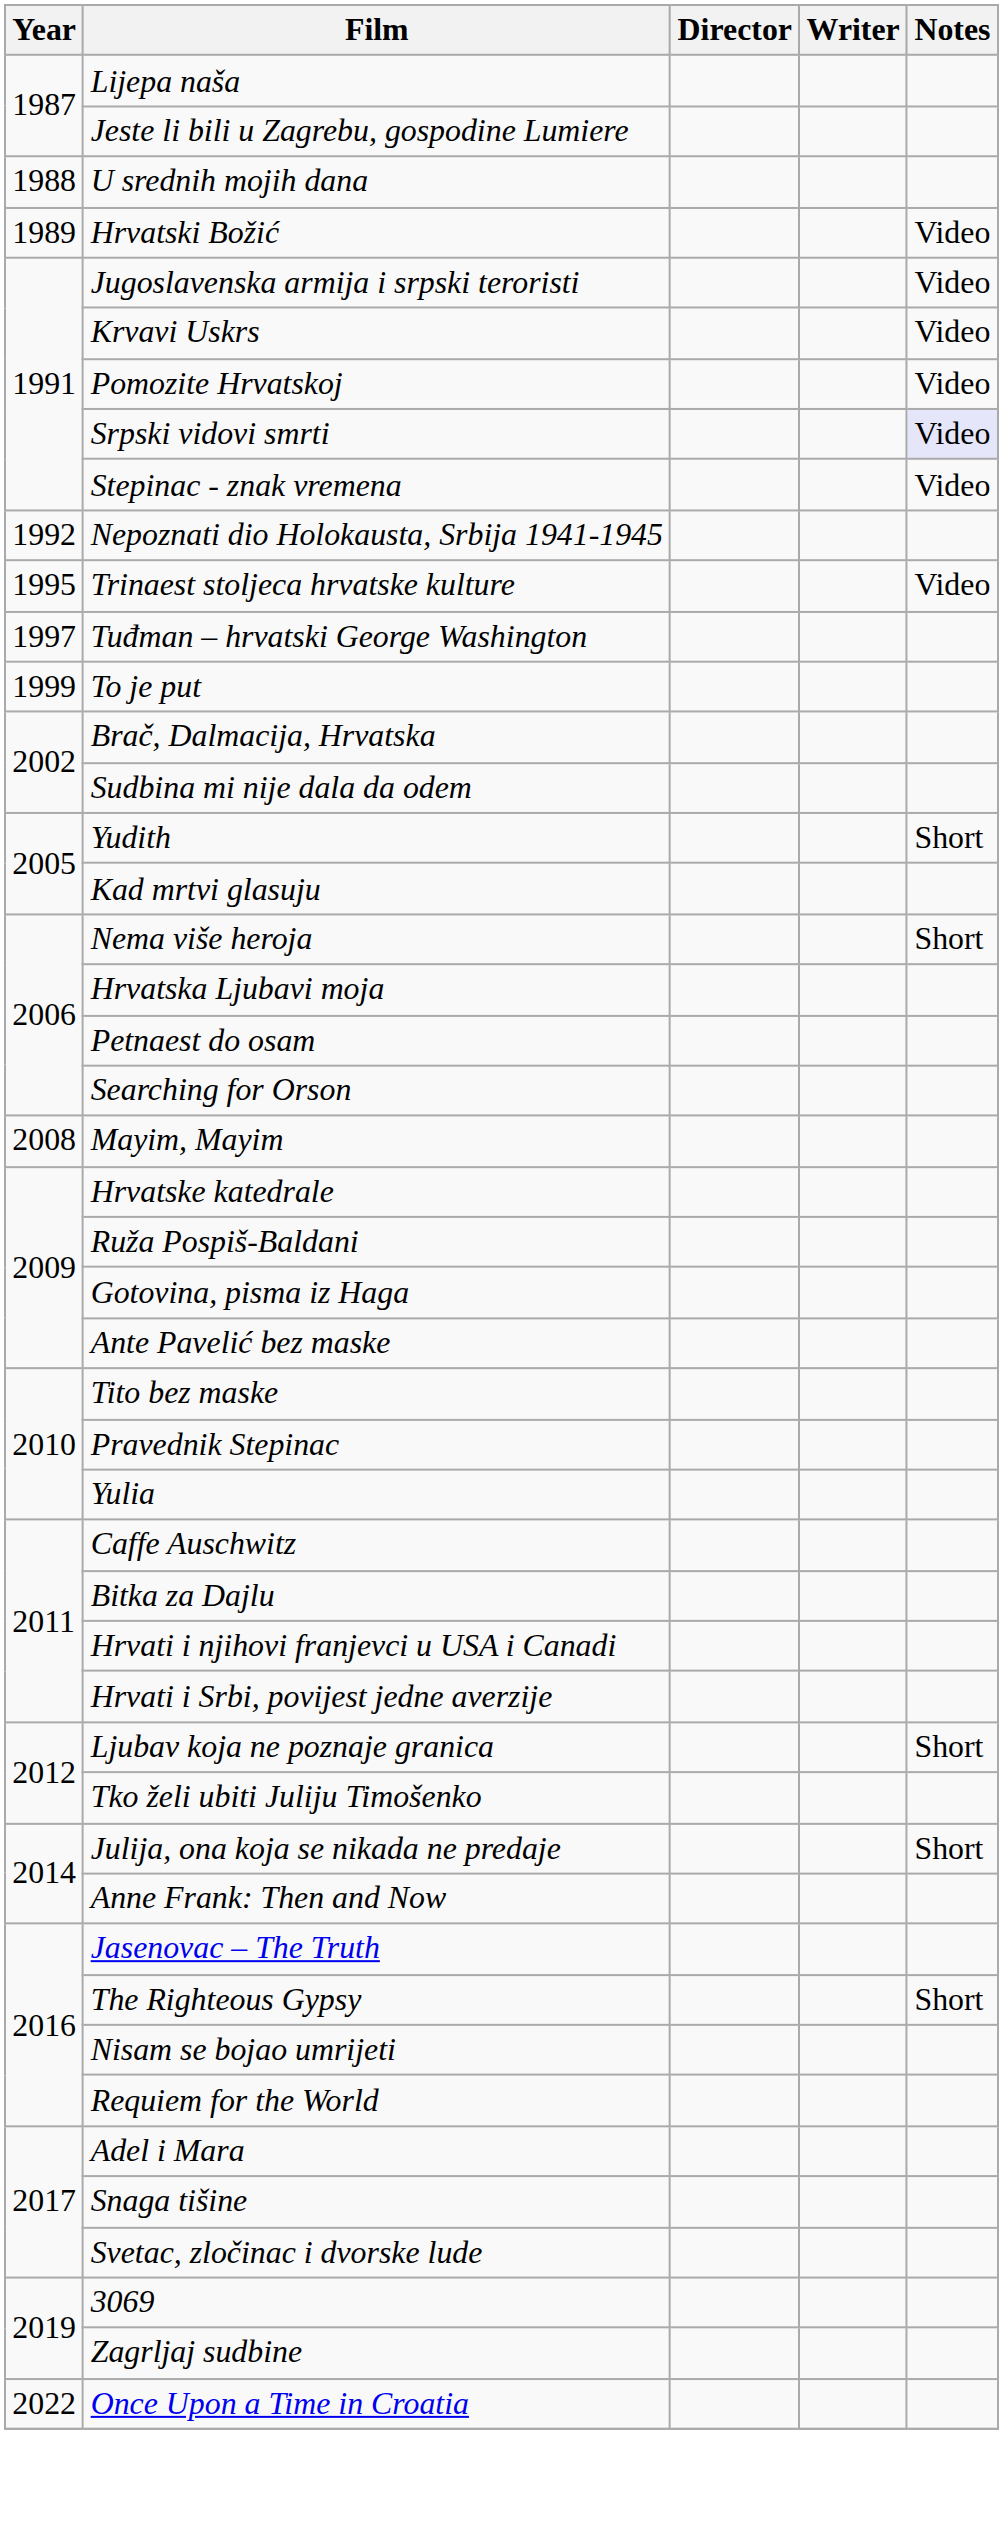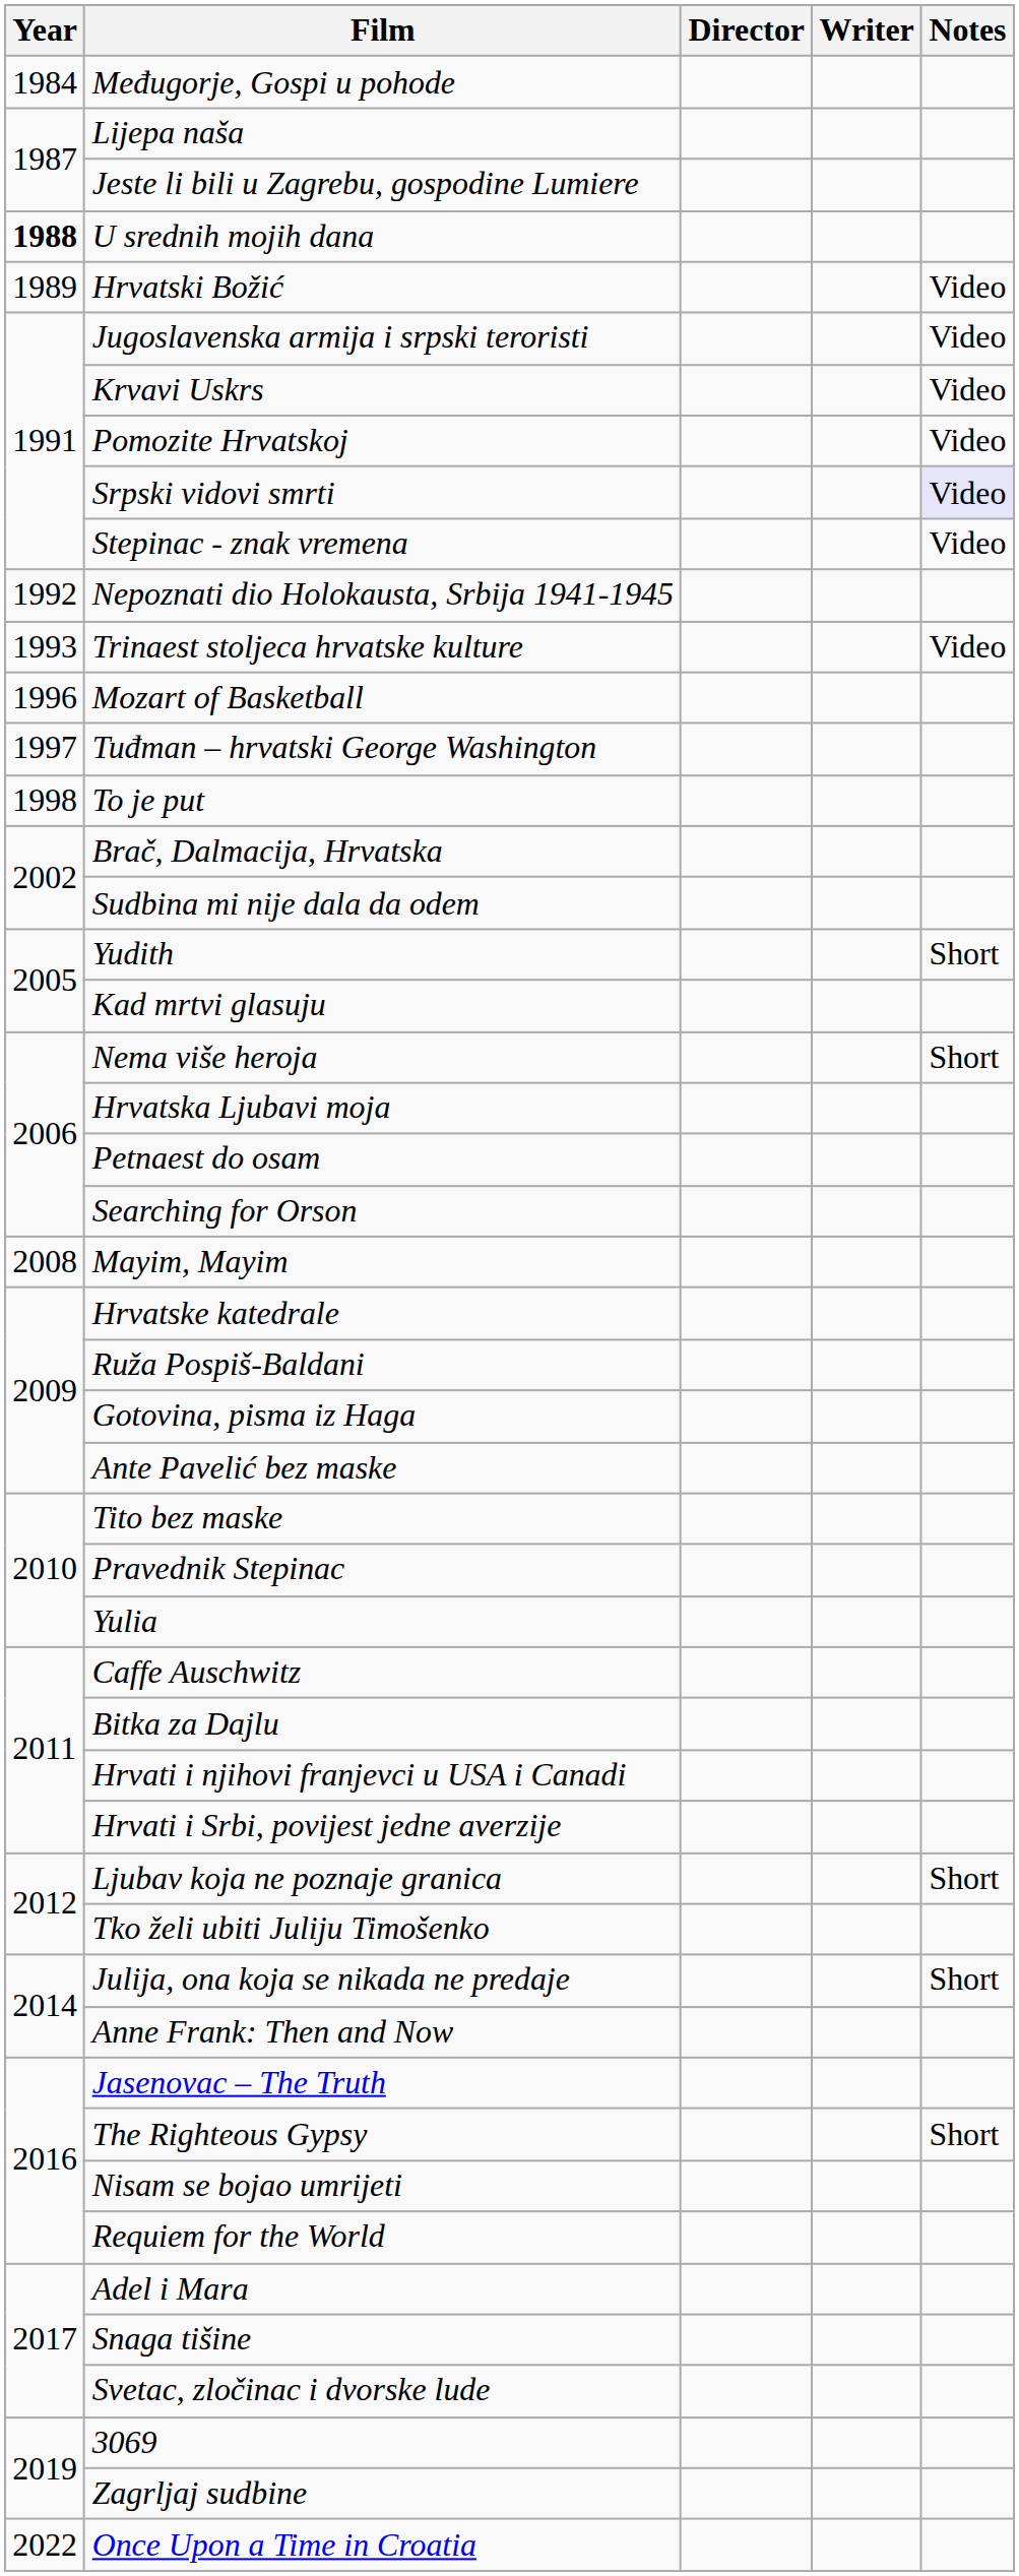 <table class="wikitable sortable">
 <tr style="background:#b0c4de; text-align:center;">
 <th>Year</th>
 <th>Film</th>
 <th>Director</th>
 <th>Writer</th>
 <th>Notes</th>
+</tr>
+<tr>
+<td>1984</td>
+<td><em>Međugorje, Gospi u pohode</em></td>
+<td></td>
+<td></td>
+<td></td>
 </tr>
 <tr>
 <td rowspan ="2">1987</td>
 <td><em>Lijepa naša</em></td>
 <td></td>
 <td></td>
 <td></td>
 </tr>
 <tr>
 <td><em>Jeste li bili u Zagrebu, gospodine Lumiere</em></td>
 <td></td>
 <td></td>
 <td></td>
 </tr>
 <tr>
-<td>1988</td>
+<td><strong>1988</strong></td>
 <td><em>U srednih mojih dana</em></td>
 <td></td>
 <td></td>
 <td></td>
 </tr>
 <tr>
 <td>1989</td>
 <td><em>Hrvatski Božić</em></td>
 <td></td>
 <td></td>
 <td>Video</td>
 </tr>
 <tr>
 <td rowspan ="5">1991</td>
 <td><em>Jugoslavenska armija i srpski teroristi</em></td>
 <td></td>
 <td></td>
 <td>Video</td>
 </tr>
 <tr>
 <td><em>Krvavi Uskrs</em></td>
 <td></td>
 <td></td>
 <td>Video</td>
 </tr>
 <tr>
 <td><em>Pomozite Hrvatskoj</em></td>
 <td></td>
 <td></td>
 <td>Video</td>
 </tr>
 <tr>
 <td><em>Srpski vidovi smrti</em></td>
 <td></td>
 <td></td>
 <td style="background: lavender;">Video</td>
 </tr>
 <tr>
 <td><em>Stepinac - znak vremena</em></td>
 <td></td>
 <td></td>
 <td>Video</td>
 </tr>
 <tr>
 <td>1992</td>
 <td><em>Nepoznati dio Holokausta, Srbija 1941-1945</em></td>
 <td></td>
 <td></td>
 <td></td>
 </tr>
 <tr>
-<td>1995</td>
+<td>1993</td>
 <td><em>Trinaest stoljeca hrvatske kulture</em></td>
 <td></td>
 <td></td>
 <td>Video</td>
+</tr>
+<tr>
+<td>1996</td>
+<td><em>Mozart of Basketball</em></td>
+<td></td>
+<td></td>
+<td></td>
 </tr>
 <tr>
 <td>1997</td>
 <td><em>Tuđman – hrvatski George Washington</em></td>
 <td></td>
 <td></td>
 <td></td>
 </tr>
 <tr>
-<td>1999</td>
+<td>1998</td>
 <td><em>To je put</em></td>
 <td></td>
 <td></td>
 <td></td>
 </tr>
 <tr>
 <td rowspan= "2">2002</td>
 <td><em>Brač, Dalmacija, Hrvatska</em></td>
 <td></td>
 <td></td>
 <td></td>
 </tr>
 <tr>
 <td><em>Sudbina mi nije dala da odem</em></td>
 <td></td>
 <td></td>
 <td></td>
 </tr>
 <tr>
 <td rowspan= "2">2005</td>
 <td><em>Yudith</em></td>
 <td></td>
 <td></td>
 <td>Short</td>
 </tr>
 <tr>
 <td><em>Kad mrtvi glasuju</em></td>
 <td></td>
 <td></td>
 <td></td>
 </tr>
 <tr>
 <td rowspan= "4">2006</td>
 <td><em>Nema više heroja</em></td>
 <td></td>
 <td></td>
 <td>Short</td>
 </tr>
 <tr>
 <td><em>Hrvatska Ljubavi moja</em></td>
 <td></td>
 <td></td>
 <td></td>
 </tr>
 <tr>
 <td><em>Petnaest do osam</em></td>
 <td></td>
 <td></td>
 <td></td>
 </tr>
 <tr>
 <td><em>Searching for Orson</em></td>
 <td></td>
 <td></td>
 <td></td>
 </tr>
 <tr>
 <td>2008</td>
 <td><em>Mayim, Mayim</em></td>
 <td></td>
 <td></td>
 <td></td>
 </tr>
 <tr>
 <td rowspan= "4">2009</td>
 <td><em>Hrvatske katedrale</em></td>
 <td></td>
 <td></td>
 <td></td>
 </tr>
 <tr>
 <td><em>Ruža Pospiš-Baldani</em></td>
 <td></td>
 <td></td>
 <td></td>
 </tr>
 <tr>
 <td><em>Gotovina, pisma iz Haga</em></td>
 <td></td>
 <td></td>
 <td></td>
 </tr>
 <tr>
 <td><em>Ante Pavelić bez maske</em></td>
 <td></td>
 <td></td>
 <td></td>
 </tr>
 <tr>
 <td rowspan= "3">2010</td>
 <td><em>Tito bez maske</em></td>
 <td></td>
 <td></td>
 <td></td>
 </tr>
 <tr>
 <td><em>Pravednik Stepinac</em></td>
 <td></td>
 <td></td>
 <td></td>
 </tr>
 <tr>
 <td><em>Yulia</em></td>
 <td></td>
 <td></td>
 <td></td>
 </tr>
 <tr>
 <td rowspan= "4">2011</td>
 <td><em>Caffe Auschwitz</em></td>
 <td></td>
 <td></td>
 <td></td>
 </tr>
 <tr>
 <td><em>Bitka za Dajlu</em></td>
 <td></td>
 <td></td>
 <td></td>
 </tr>
 <tr>
 <td><em>Hrvati i njihovi franjevci u USA i Canadi</em></td>
 <td></td>
 <td></td>
 <td></td>
 </tr>
 <tr>
 <td><em>Hrvati i Srbi, povijest jedne averzije</em></td>
 <td></td>
 <td></td>
 <td></td>
 </tr>
 <tr>
 <td rowspan ="2">2012</td>
 <td><em>Ljubav koja ne poznaje granica</em></td>
 <td></td>
 <td></td>
 <td>Short</td>
 </tr>
 <tr>
 <td><em>Tko želi ubiti Juliju Timošenko</em></td>
 <td></td>
 <td></td>
 <td></td>
 </tr>
 <tr>
 <td rowspan= "2">2014</td>
 <td><em>Julija, ona koja se nikada ne predaje</em></td>
 <td></td>
 <td></td>
 <td>Short</td>
 </tr>
 <tr>
 <td><em>Anne Frank: Then and Now</em></td>
 <td></td>
 <td></td>
 <td></td>
 </tr>
 <tr>
 <td rowspan= "4">2016</td>
 <td><em><a href='#'>Jasenovac – The Truth</a></em></td>
 <td></td>
 <td></td>
 <td></td>
 </tr>
 <tr>
 <td><em>The Righteous Gypsy</em></td>
 <td></td>
 <td></td>
 <td>Short</td>
 </tr>
 <tr>
 <td><em>Nisam se bojao umrijeti</em></td>
 <td></td>
 <td></td>
 <td></td>
 </tr>
 <tr>
 <td><em>Requiem for the World</em></td>
 <td></td>
 <td></td>
 <td></td>
 </tr>
 <tr>
 <td rowspan ="3">2017</td>
 <td><em>Adel i Mara</em></td>
 <td></td>
 <td></td>
 <td></td>
 </tr>
 <tr>
 <td><em>Snaga tišine</em></td>
 <td></td>
 <td></td>
 <td></td>
 </tr>
 <tr>
 <td><em>Svetac, zločinac i dvorske lude</em></td>
 <td></td>
 <td></td>
 <td></td>
 </tr>
 <tr>
 <td rowspan ="2">2019</td>
 <td><em>3069</em></td>
 <td></td>
 <td></td>
 <td></td>
 </tr>
 <tr>
 <td><em>Zagrljaj sudbine</em></td>
 <td></td>
 <td></td>
 <td></td>
 </tr>
 <tr>
 <td rowspan="1'">2022</td>
 <td><em><a href='#'>Once Upon a Time in Croatia</a></em></td>
 <td></td>
 <td></td>
 <td></td>
 </tr>
 <tr>
 </tr>
 </table>
